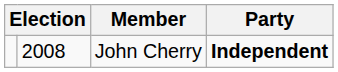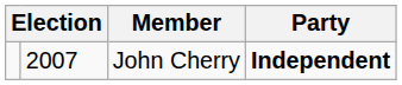 <table class="wikitable">
 <tr>
 <th colspan="2">Election</th>
 <th>Member</th>
 <th>Party</th>
 </tr>
 <tr>
 <td style="background-color: "></td>
-<td>2008</td>
+<td>2007</td>
 <td>John Cherry</td>
 <td><strong>Independent</strong></td>
 </tr>
 </table>
